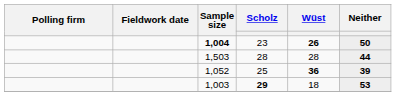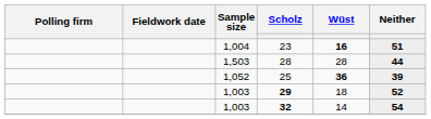 <table class="wikitable sortable mw-datatable" style="text-align:center;font-size:90%;line-height:14px;">
 <tr style="height:40px;">
 <th style="width:155px;" rowspan="2">Polling firm</th>
 <th style="width:120px;" rowspan="2">Fieldwork date</th>
 <th style="width: 35px;" rowspan="2">Sample<br>size</th>
 <th class="unsortable" style="width:70px;"><a href='#'>Scholz</a><br></th>
 <th class="unsortable" style="width:70px;"><a href='#'>Wüst</a><br></th>
 <th class="unsortable" style="width:70px;">Neither</th>
 </tr>
 <tr>
 <th style="background:"></th>
 <th style="background:"></th>
 <th style="background:"></th>
 </tr>
 <tr>
 <td></td>
 <td></td>
-<td><strong>1,004</strong></td>
+<td>1,004</td>
 <td>23</td>
-<td><strong>26</strong></td>
-<td style="background:#EEEEEE;"><strong>50</strong></td>
+<td><strong>16</strong></td>
+<td style="background:#EEEEEE;"><strong>51</strong></td>
 </tr>
 <tr>
 <td></td>
 <td></td>
 <td>1,503</td>
 <td>28</td>
 <td>28</td>
 <td style="background:#EEEEEE;"><strong>44</strong></td>
 </tr>
 <tr>
 <td></td>
 <td></td>
 <td>1,052</td>
 <td>25</td>
 <td><strong>36</strong></td>
 <td style="background:#EEEEEE;"><strong>39</strong></td>
 </tr>
 <tr>
 <td></td>
 <td></td>
 <td>1,003</td>
 <td><strong>29</strong></td>
 <td>18</td>
-<td style="background:#EEEEEE;"><strong>53</strong></td>
+<td style="background:#EEEEEE;"><strong>52</strong></td>
+</tr>
+<tr>
+<td></td>
+<td></td>
+<td>1,003</td>
+<td><strong>32</strong></td>
+<td>14</td>
+<td style="background:#EEEEEE;"><strong>54</strong></td>
 </tr>
 <tr>
 </tr>
 </table>
